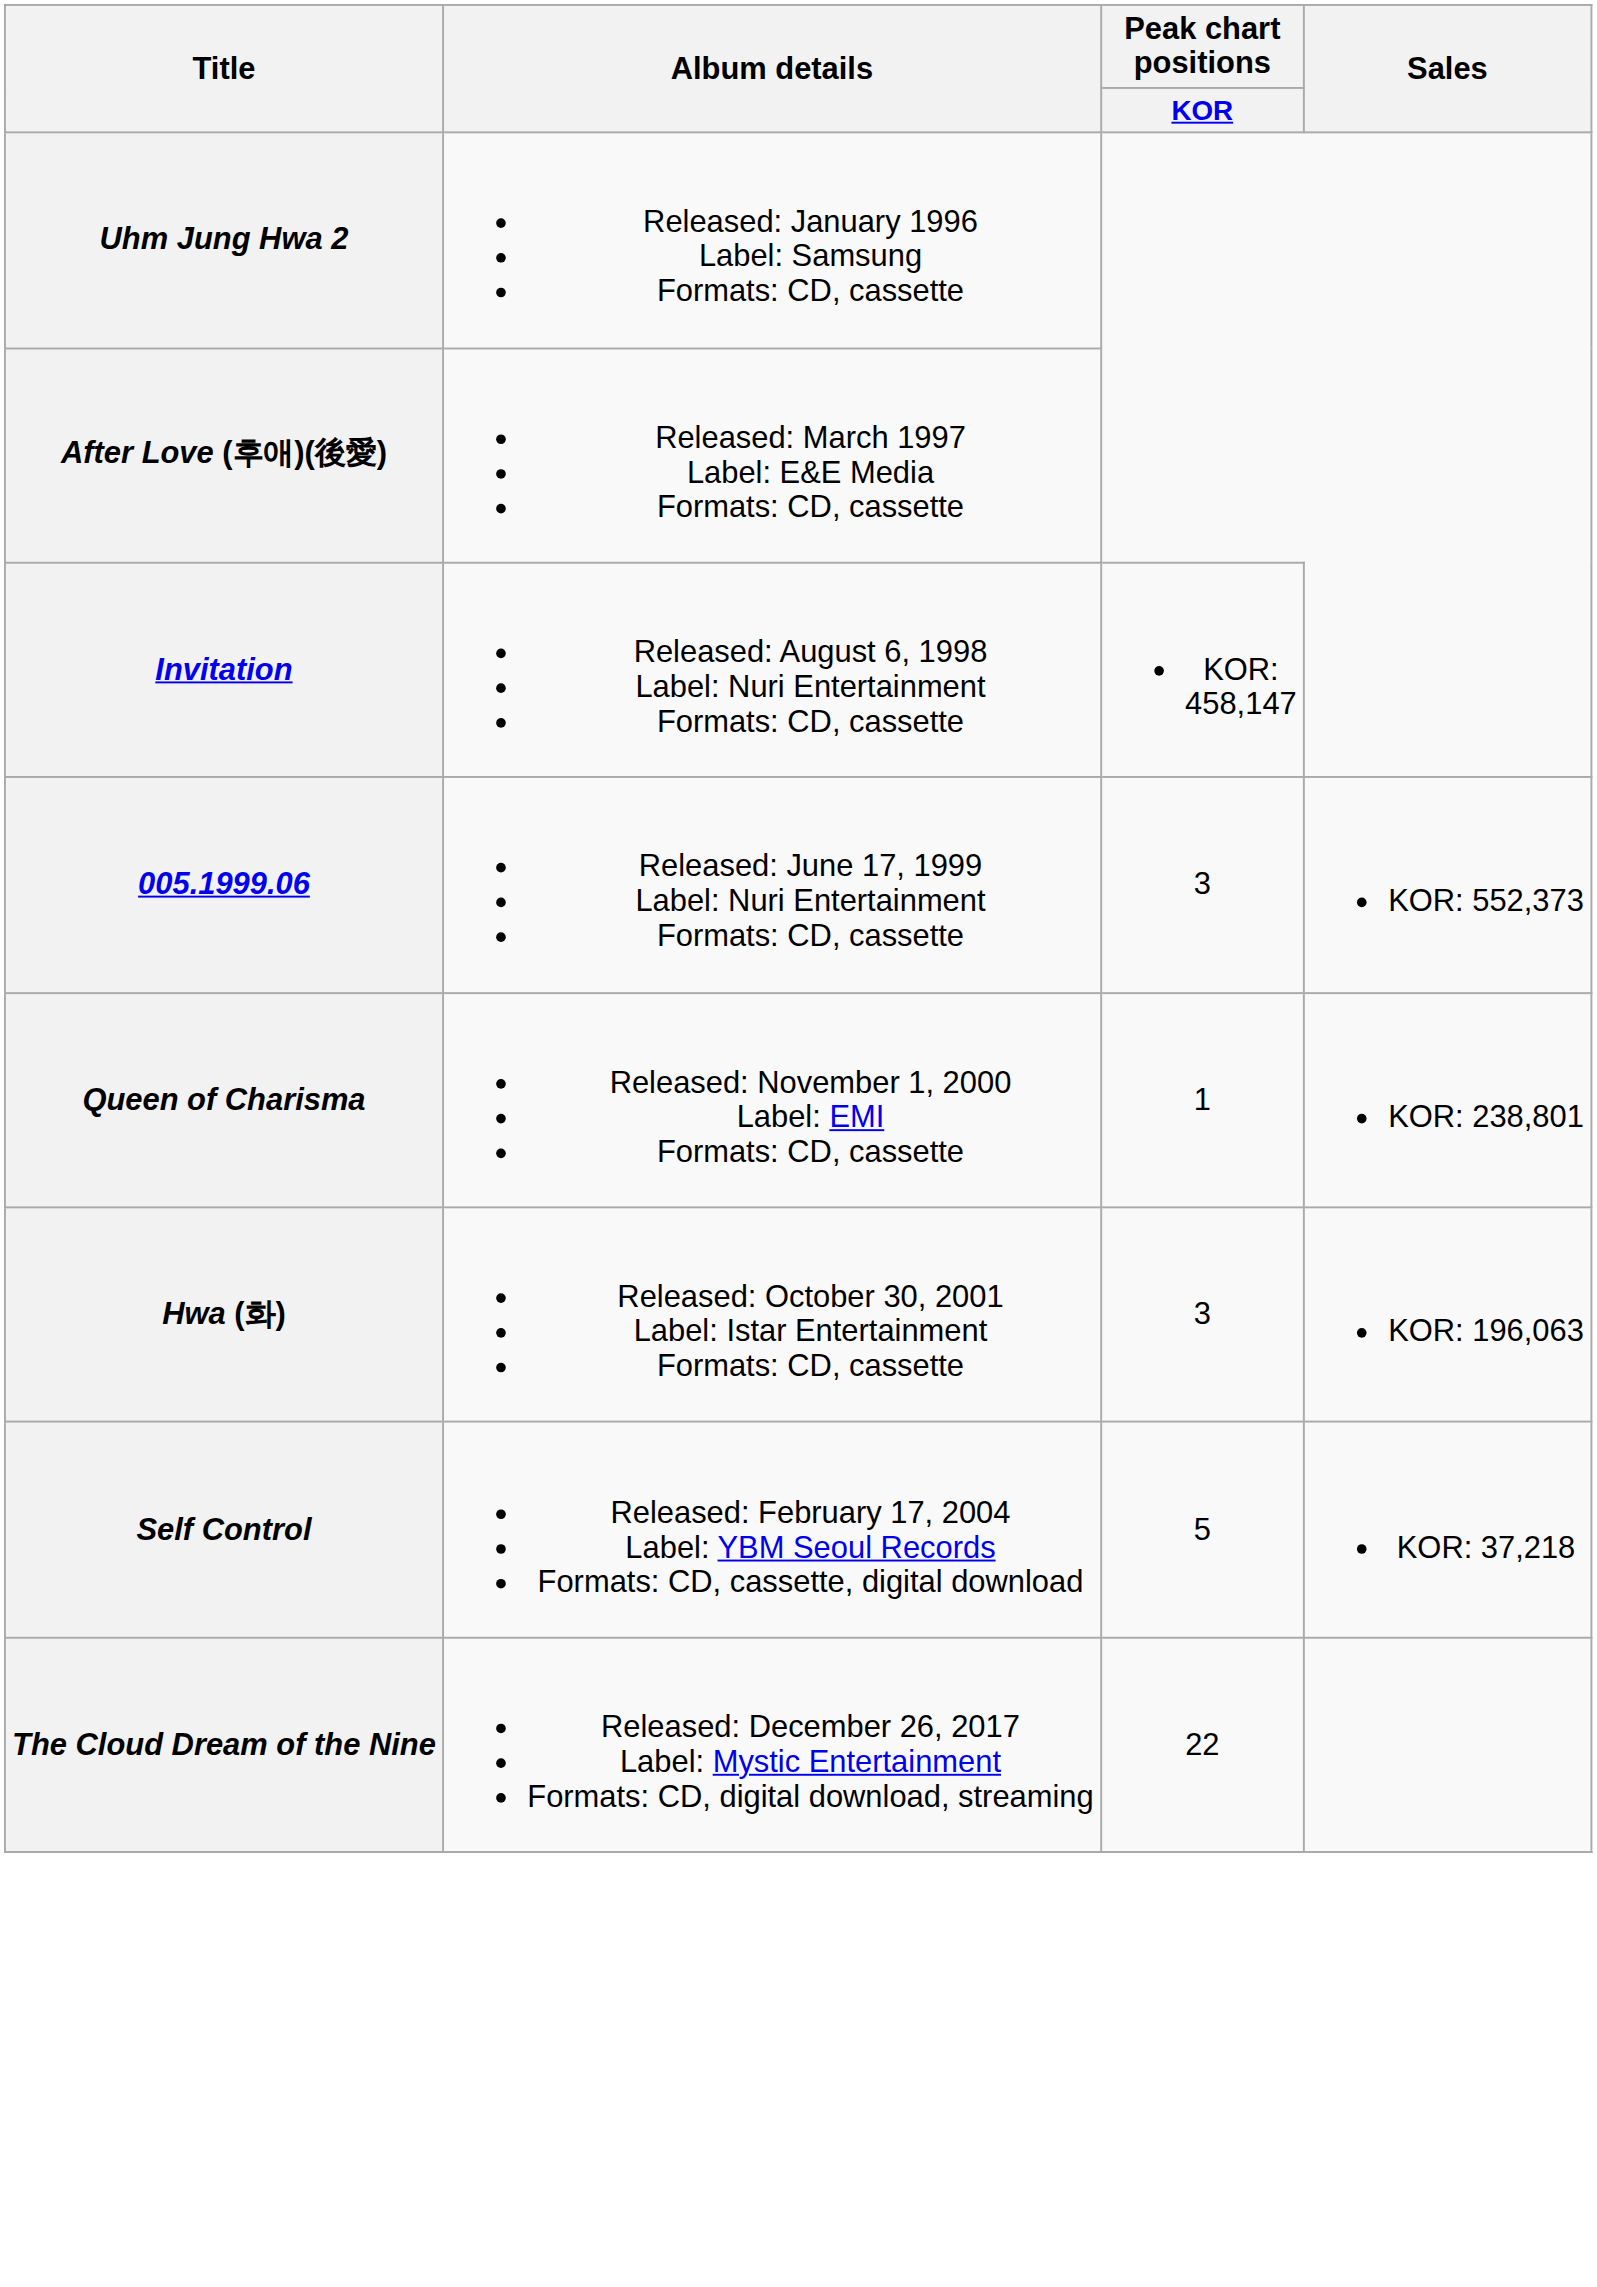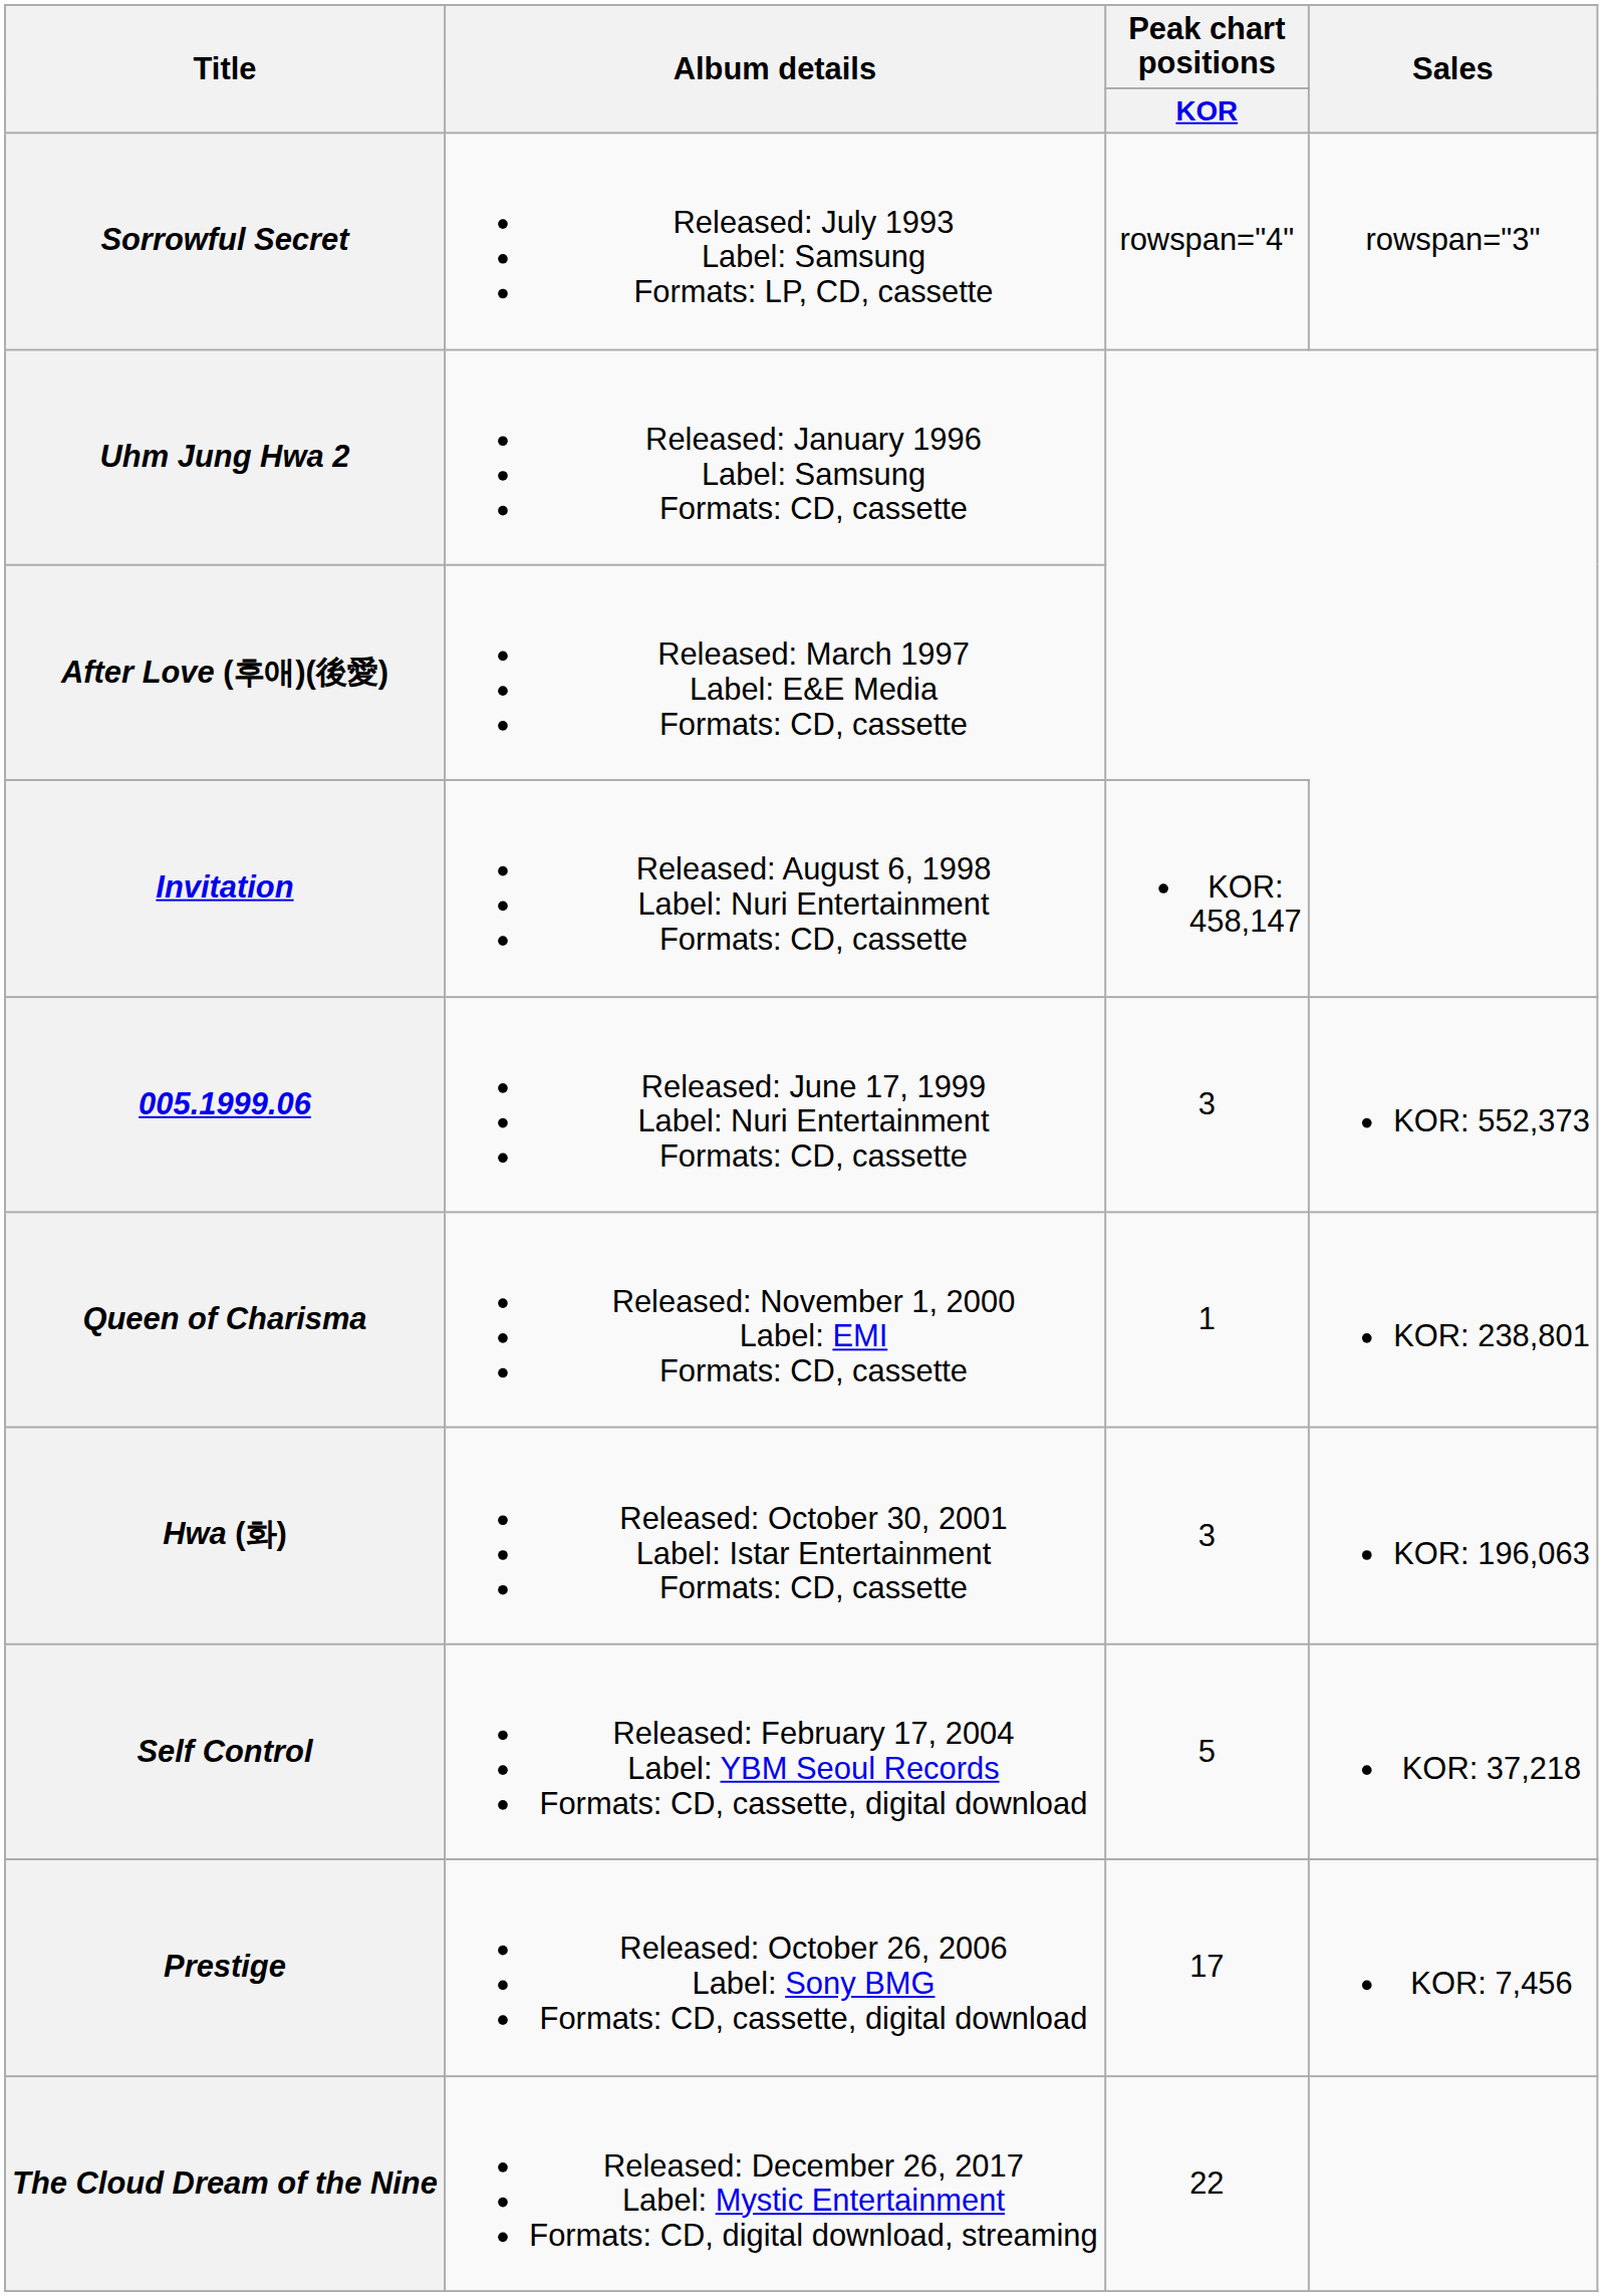 <table class="wikitable plainrowheaders" style="text-align:center;">
 <tr>
 <th scope="col" rowspan="2">Title</th>
 <th scope="col" rowspan="2">Album details</th>
 <th scope="col" colspan="1">Peak chart positions</th>
 <th scope="col" rowspan="2">Sales</th>
 </tr>
 <tr>
 <th scope="col" style="width:3em;font-size:90%"><a href='#'>KOR</a><br></th>
+</tr>
+<tr>
+<th scope="row"><em>Sorrowful Secret</em></th>
+<td><br><ul><li>Released: July 1993</li><li>Label: Samsung</li><li>Formats: LP, CD, cassette</li></ul></td>
+<td>rowspan="4" </td>
+<td>rowspan="3" </td>
 </tr>
 <tr>
 <th scope="row"><em>Uhm Jung Hwa 2</em></th>
 <td><br><ul><li>Released: January 1996</li><li>Label: Samsung</li><li>Formats: CD, cassette</li></ul></td>
 </tr>
 <tr>
 <th scope="row"><em>After Love</em> (후애)(後愛)</th>
 <td><br><ul><li>Released: March 1997</li><li>Label: E&E Media</li><li>Formats: CD, cassette</li></ul></td>
 </tr>
 <tr>
 <th scope="row"><em><a href='#'>Invitation</a></em></th>
 <td><br><ul><li>Released: August 6, 1998</li><li>Label: Nuri Entertainment</li><li>Formats: CD, cassette</li></ul></td>
 <td><br><ul><li>KOR: 458,147</li></ul></td>
 </tr>
 <tr>
 <th scope="row"><em><a href='#'>005.1999.06</a></em></th>
 <td><br><ul><li>Released: June 17, 1999</li><li>Label: Nuri Entertainment</li><li>Formats: CD, cassette</li></ul></td>
 <td>3</td>
 <td><br><ul><li>KOR: 552,373</li></ul></td>
 </tr>
 <tr>
 <th scope="row"><em>Queen of Charisma</em></th>
 <td><br><ul><li>Released: November 1, 2000</li><li>Label: <a href='#'>EMI</a></li><li>Formats: CD, cassette</li></ul></td>
 <td>1</td>
 <td><br><ul><li>KOR: 238,801</li></ul></td>
 </tr>
 <tr>
 <th scope="row"><em>Hwa</em> (화)</th>
 <td><br><ul><li>Released: October 30, 2001</li><li>Label: Istar Entertainment</li><li>Formats: CD, cassette</li></ul></td>
 <td>3</td>
 <td><br><ul><li>KOR: 196,063</li></ul></td>
 </tr>
 <tr>
 <th scope="row"><em>Self Control</em></th>
 <td><br><ul><li>Released: February 17, 2004</li><li>Label: <a href='#'>YBM Seoul Records</a></li><li>Formats: CD, cassette, digital download</li></ul></td>
 <td>5</td>
 <td><br><ul><li>KOR: 37,218</li></ul></td>
 </tr>
 <tr>
+<th scope="row"><em>Prestige</em></th>
+<td><br><ul><li>Released: October 26, 2006</li><li>Label: <a href='#'>Sony BMG</a></li><li>Formats: CD, cassette, digital download</li></ul></td>
+<td>17</td>
+<td><br><ul><li>KOR: 7,456</li></ul></td>
+</tr>
+<tr>
 <th scope="row"><em>The Cloud Dream of the Nine</em></th>
 <td><br><ul><li>Released: December 26, 2017</li><li>Label: <a href='#'>Mystic Entertainment</a></li><li>Formats: CD, digital download, streaming</li></ul></td>
 <td>22</td>
 <td></td>
 </tr>
 <tr>
 </tr>
 </table>
